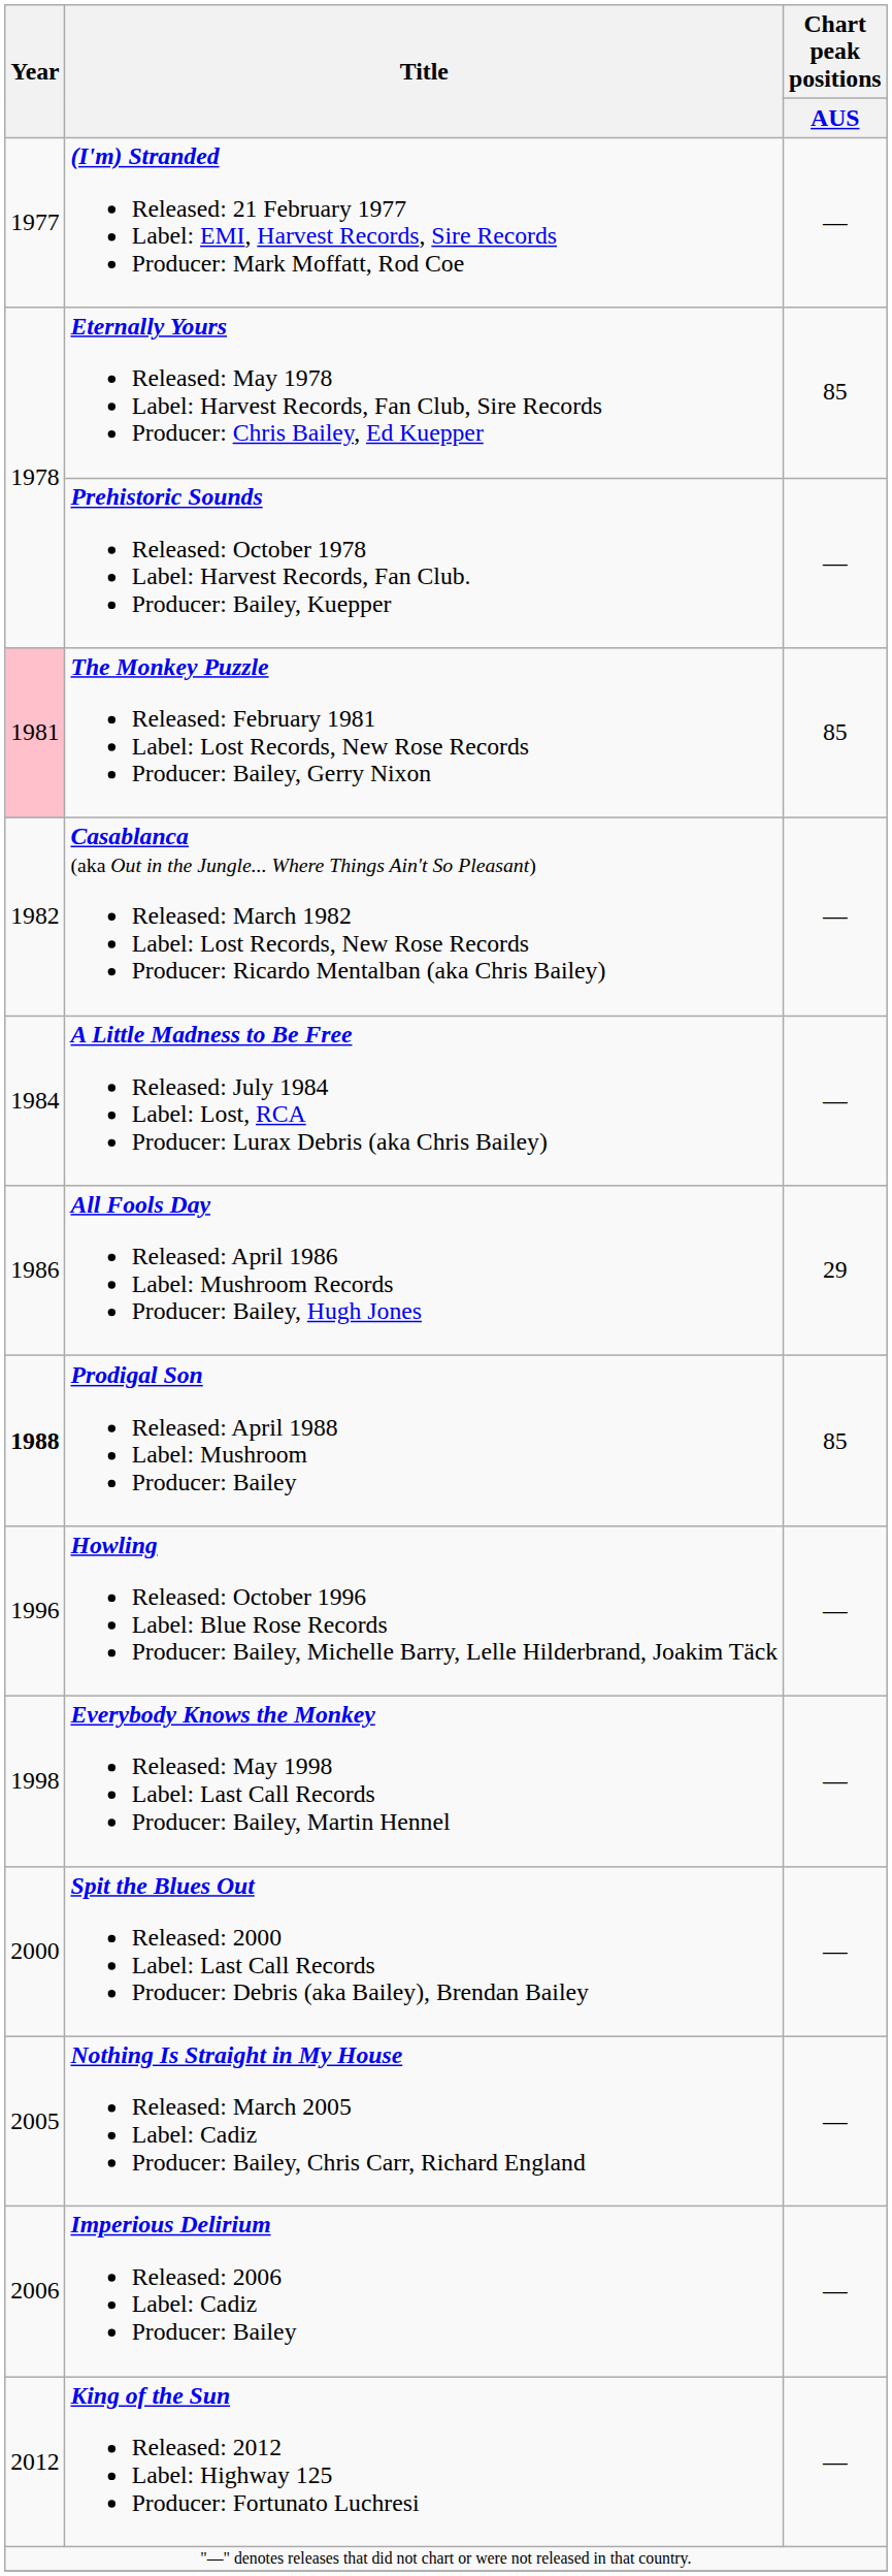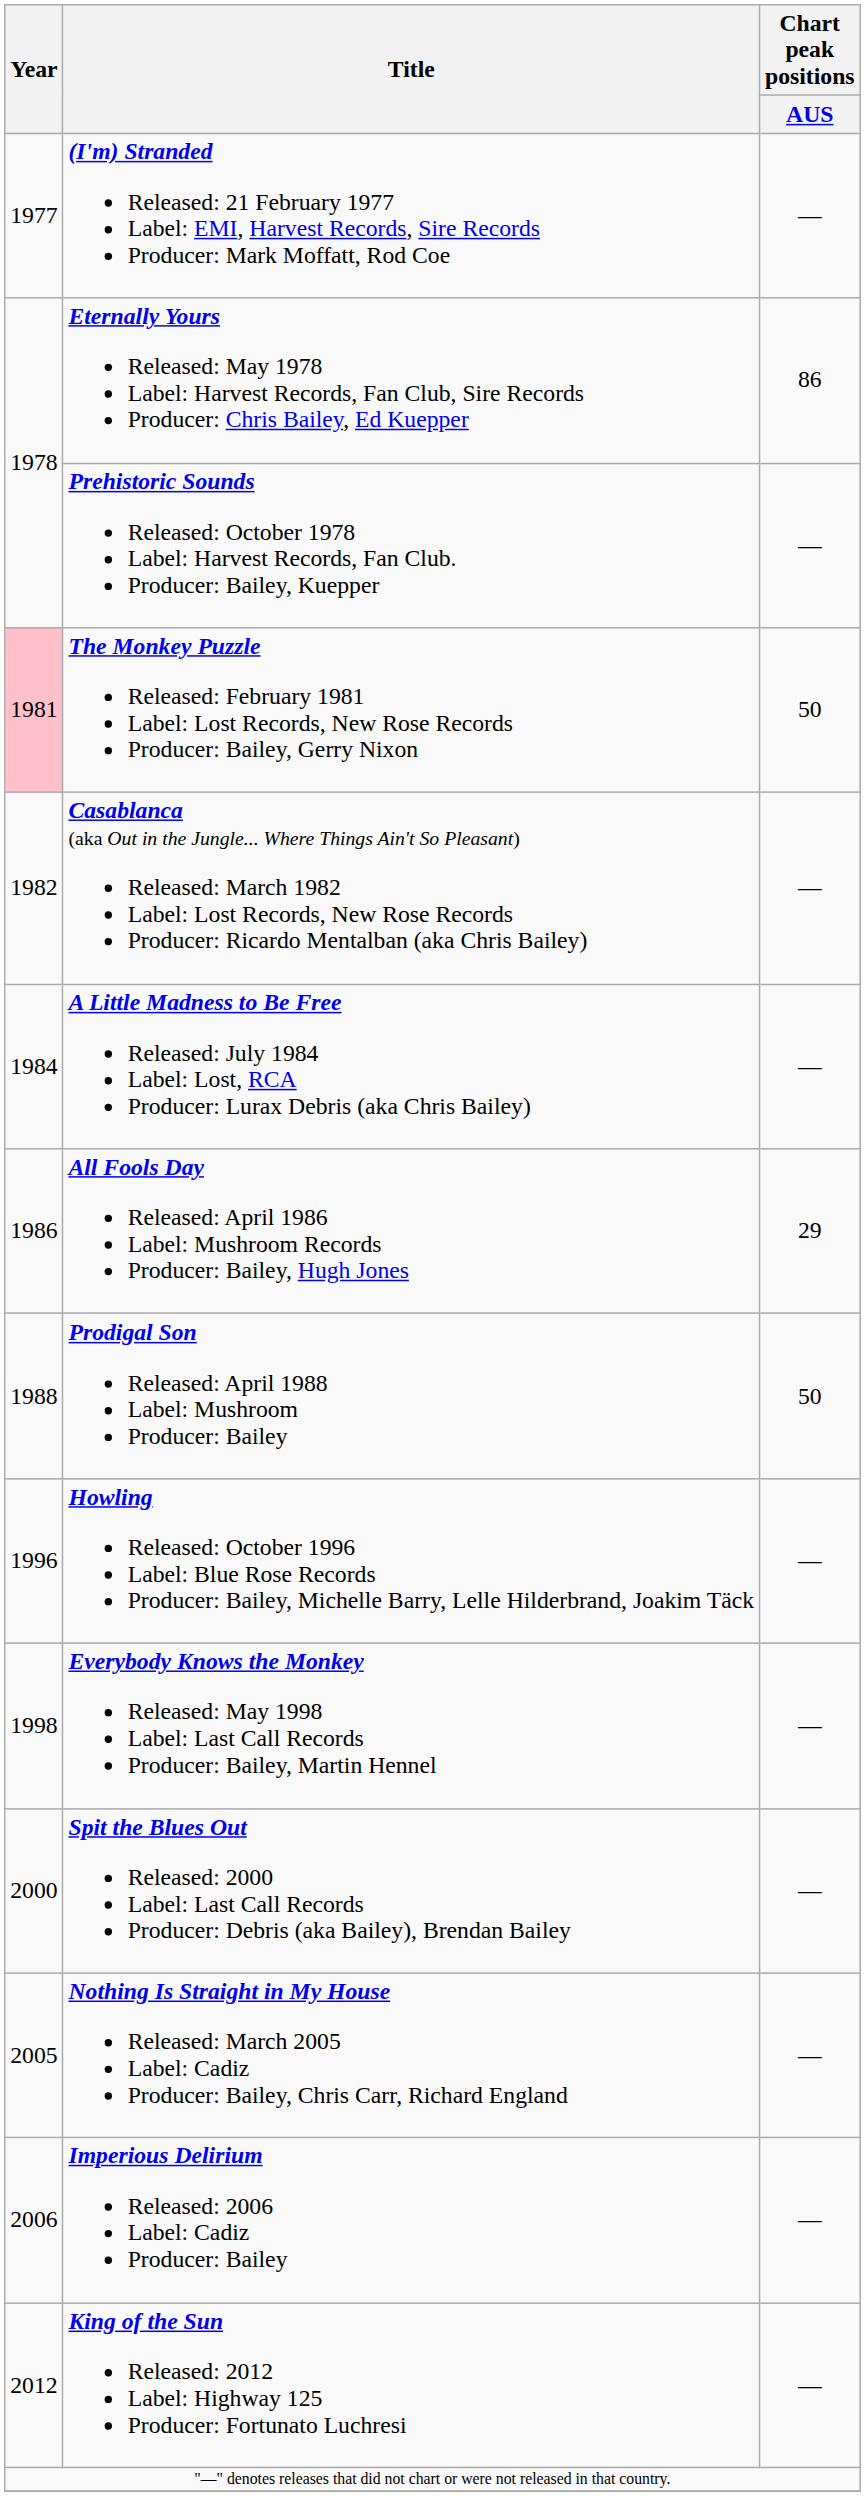 <table class="wikitable">
 <tr>
 <th rowspan="2">Year</th>
 <th rowspan="2">Title</th>
 <th colspan="1">Chart peak positions</th>
 </tr>
 <tr>
 <th style="width:3em;"><a href='#'>AUS</a><br></th>
 </tr>
 <tr>
 <td align="center">1977</td>
 <td><strong><em><a href='#'>(I'm) Stranded</a></em></strong><br><ul><li>Released: 21 February 1977</li><li>Label: <a href='#'>EMI</a>, <a href='#'>Harvest Records</a>, <a href='#'>Sire Records</a></li><li>Producer: Mark Moffatt, Rod Coe</li></ul></td>
 <td align="center">—</td>
 </tr>
 <tr>
 <td align="center" rowspan="2">1978</td>
 <td><strong><em><a href='#'>Eternally Yours</a></em></strong><br><ul><li>Released: May 1978</li><li>Label: Harvest Records, Fan Club, Sire Records</li><li>Producer: <a href='#'>Chris Bailey</a>, <a href='#'>Ed Kuepper</a></li></ul></td>
-<td align="center">85</td>
+<td align="center">86</td>
 </tr>
 <tr>
 <td><strong><em><a href='#'>Prehistoric Sounds</a></em></strong><br><ul><li>Released: October 1978</li><li>Label: Harvest Records, Fan Club.</li><li>Producer: Bailey, Kuepper</li></ul></td>
 <td align="center">—</td>
 </tr>
 <tr>
 <td align="center" style="background: pink;">1981</td>
 <td><strong><em><a href='#'>The Monkey Puzzle</a></em></strong><br><ul><li>Released: February 1981</li><li>Label: Lost Records, New Rose Records</li><li>Producer: Bailey, Gerry Nixon</li></ul></td>
-<td align="center">85</td>
+<td align="center">50</td>
 </tr>
 <tr>
 <td align="center">1982</td>
 <td><strong><em><a href='#'>Casablanca</a></em></strong><br><small>(aka <em>Out in the Jungle... Where Things Ain't So Pleasant</em>)</small><br><ul><li>Released: March 1982</li><li>Label: Lost Records, New Rose Records</li><li>Producer: Ricardo Mentalban (aka Chris Bailey)</li></ul></td>
 <td align="center">—</td>
 </tr>
 <tr>
 <td align="center">1984</td>
 <td><strong><em><a href='#'>A Little Madness to Be Free</a></em></strong><br><ul><li>Released: July 1984</li><li>Label: Lost, <a href='#'>RCA</a></li><li>Producer: Lurax Debris (aka Chris Bailey)</li></ul></td>
 <td align="center">—</td>
 </tr>
 <tr>
 <td align="center">1986</td>
 <td><strong><em><a href='#'>All Fools Day</a></em></strong><br><ul><li>Released: April 1986</li><li>Label: Mushroom Records</li><li>Producer: Bailey, <a href='#'>Hugh Jones</a></li></ul></td>
 <td align="center">29</td>
 </tr>
 <tr>
-<td align="center" rowspan="1"><strong>1988</strong></td>
+<td align="center" rowspan="1">1988</td>
 <td><strong><em><a href='#'>Prodigal Son</a></em></strong><br><ul><li>Released: April 1988</li><li>Label: Mushroom</li><li>Producer: Bailey</li></ul></td>
-<td align="center">85</td>
+<td align="center">50</td>
 </tr>
 <tr>
 <td align="center" rowspan="1">1996</td>
 <td><strong><em><a href='#'>Howling</a></em></strong><br><ul><li>Released: October 1996</li><li>Label: Blue Rose Records</li><li>Producer: Bailey, Michelle Barry, Lelle Hilderbrand, Joakim Täck</li></ul></td>
 <td align="center">—</td>
 </tr>
 <tr>
 <td align="center">1998</td>
 <td><strong><em><a href='#'>Everybody Knows the Monkey</a></em></strong><br><ul><li>Released: May 1998</li><li>Label: Last Call Records</li><li>Producer: Bailey, Martin Hennel</li></ul></td>
 <td align="center">—</td>
 </tr>
 <tr>
 <td align="center">2000</td>
 <td><strong><em><a href='#'>Spit the Blues Out</a></em></strong><br><ul><li>Released: 2000</li><li>Label: Last Call Records</li><li>Producer: Debris (aka Bailey), Brendan Bailey</li></ul></td>
 <td align="center">—</td>
 </tr>
 <tr>
 <td align="center">2005</td>
 <td><strong><em><a href='#'>Nothing Is Straight in My House</a></em></strong><br><ul><li>Released: March 2005</li><li>Label: Cadiz</li><li>Producer: Bailey, Chris Carr, Richard England</li></ul></td>
 <td align="center">—</td>
 </tr>
 <tr>
 <td align="center">2006</td>
 <td><strong><em><a href='#'>Imperious Delirium</a></em></strong><br><ul><li>Released: 2006</li><li>Label: Cadiz</li><li>Producer: Bailey</li></ul></td>
 <td align="center">—</td>
 </tr>
 <tr>
 <td align="center">2012</td>
 <td><strong><em><a href='#'>King of the Sun</a></em></strong><br><ul><li>Released: 2012</li><li>Label: Highway 125</li><li>Producer: Fortunato Luchresi</li></ul></td>
 <td align="center">—</td>
 </tr>
 <tr>
 <td align="center" colspan="4" style="font-size: 8pt">"—" denotes releases that did not chart or were not released in that country.</td>
 </tr>
 <tr>
 </tr>
 </table>
